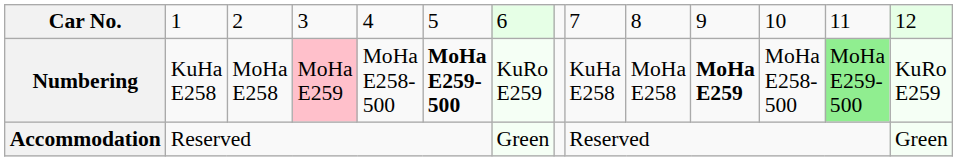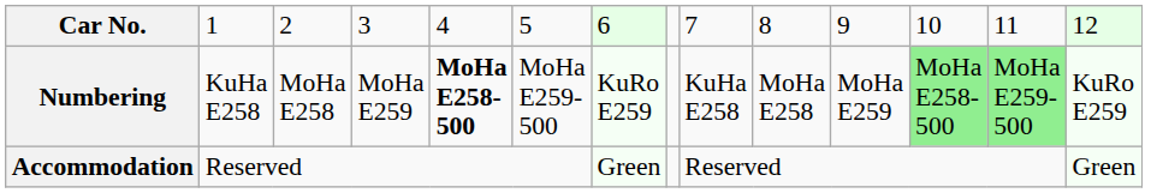 <table class="wikitable">
 <tr>
 <th>Car No.</th>
 <td>1</td>
 <td>2</td>
 <td>3</td>
 <td>4</td>
 <td>5</td>
 <td style="background: #E6FFE6">6</td>
 <td></td>
 <td>7</td>
 <td>8</td>
 <td>9</td>
 <td>10</td>
 <td>11</td>
 <td style="background: #E6FFE6">12</td>
 </tr>
 <tr>
 <th>Numbering</th>
 <td>KuHa E258</td>
 <td>MoHa E258</td>
-<td style="background: pink;">MoHa E259</td>
-<td>MoHa E258-500</td>
-<td><strong>MoHa E259-500</strong></td>
+<td>MoHa E259</td>
+<td><strong>MoHa E258-500</strong></td>
+<td>MoHa E259-500</td>
 <td style="background: #F5FFF5">KuRo E259</td>
 <td></td>
 <td>KuHa E258</td>
 <td>MoHa E258</td>
-<td><strong>MoHa E259</strong></td>
-<td>MoHa E258-500</td>
+<td>MoHa E259</td>
+<td style="background: lightgreen;">MoHa E258-500</td>
 <td style="background: lightgreen;">MoHa E259-500</td>
 <td style="background: #F5FFF5">KuRo E259</td>
 </tr>
 <tr>
 <th>Accommodation</th>
 <td colspan="5">Reserved</td>
 <td style="background: #F5FFF5">Green</td>
 <td></td>
 <td colspan="5">Reserved</td>
 <td style="background: #F5FFF5">Green</td>
 </tr>
 </table>
